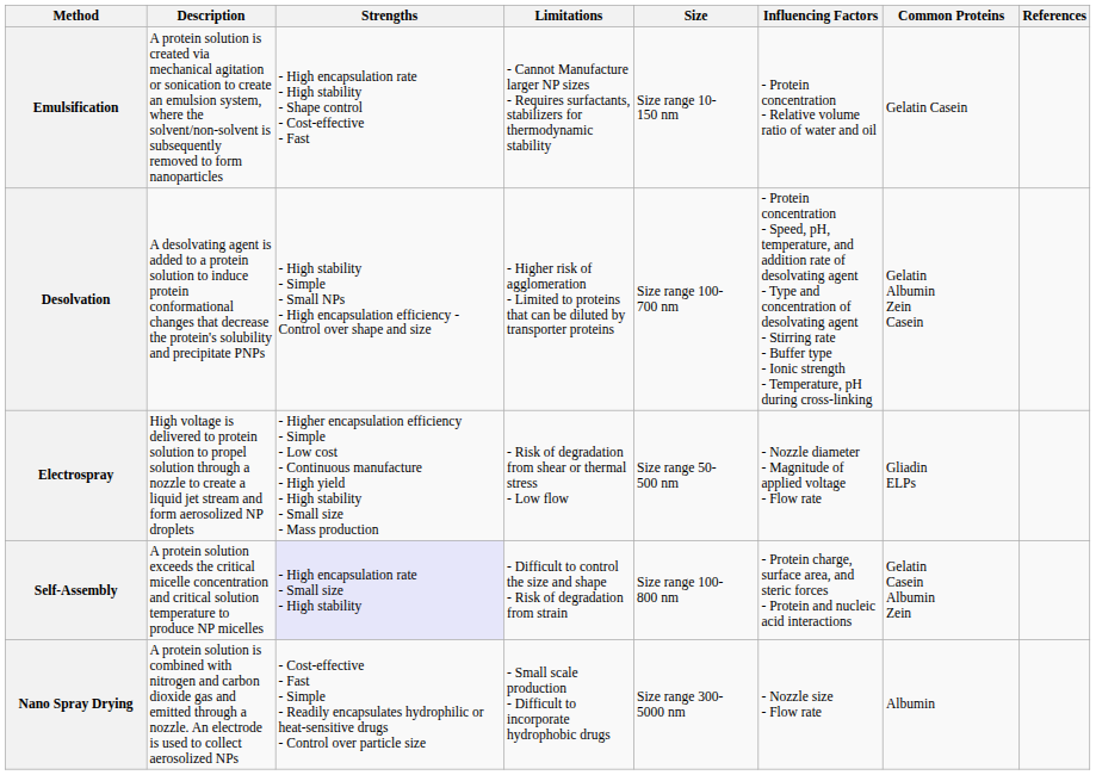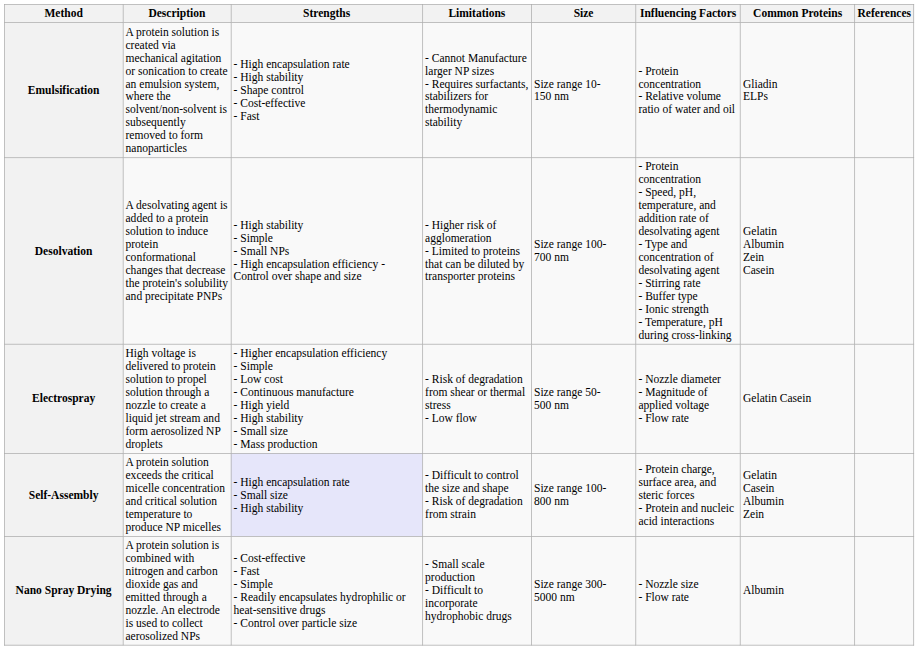 <table class="wikitable" style="margin: 1em auto 1em auto;">
 <tr>
 <th width="205" scope="col">Method</th>
 <th width="180" scope="col">Description</th>
 <th width="400" scope="col">Strengths</th>
 <th width="180" scope="col">Limitations</th>
 <th width="205" scope="col">Size</th>
 <th width="180" scope="col">Influencing Factors</th>
 <th width="225" scope="col">Common Proteins</th>
 <th width="50" scope="col">References</th>
 </tr>
 <tr>
 <th scope="row">Emulsification</th>
 <td>A protein solution is created via mechanical agitation or sonication to create an emulsion system, where the solvent/non-solvent is subsequently removed to form nanoparticles</td>
 <td>- High encapsulation rate<br>- High stability<br>- Shape control<br>- Cost-effective<br>- Fast</td>
 <td>- Cannot Manufacture larger NP sizes<br>- Requires surfactants, stabilizers for thermodynamic stability</td>
 <td>Size range 10-150 nm</td>
 <td>- Protein concentration<br>- Relative volume ratio of water and oil</td>
-<td>Gelatin Casein</td>
+<td>Gliadin<br>ELPs</td>
 <td></td>
 </tr>
 <tr>
 <th scope="row">Desolvation</th>
 <td>A desolvating agent is added to a protein solution to induce protein conformational changes that decrease the protein's solubility and precipitate PNPs</td>
 <td>- High stability<br>- Simple<br>- Small NPs<br>- High encapsulation efficiency - Control over shape and size</td>
 <td>- Higher risk of agglomeration<br>- Limited to proteins that can be diluted by transporter proteins</td>
 <td>Size range 100-700 nm</td>
 <td>- Protein concentration<br>- Speed, pH, temperature, and addition rate of desolvating agent<br>- Type and concentration of desolvating agent<br>- Stirring rate<br>- Buffer type<br>- Ionic strength<br>- Temperature, pH during cross-linking</td>
 <td>Gelatin<br>Albumin<br>Zein<br>Casein</td>
 <td></td>
 </tr>
 <tr>
 <th scope="row">Electrospray</th>
 <td>High voltage is delivered to protein solution to propel solution through a nozzle to create a liquid jet stream and form aerosolized NP droplets</td>
 <td>- Higher encapsulation efficiency<br>- Simple<br>- Low cost<br>- Continuous manufacture<br>- High yield<br>- High stability<br>- Small size<br>- Mass production</td>
 <td>- Risk of degradation from shear or thermal stress<br>- Low flow</td>
 <td>Size range 50-500 nm</td>
 <td>- Nozzle diameter<br>- Magnitude of applied voltage<br>- Flow rate</td>
-<td>Gliadin<br>ELPs</td>
+<td>Gelatin Casein</td>
 <td></td>
 </tr>
 <tr>
 <th scope="row">Self-Assembly</th>
 <td>A protein solution exceeds the critical micelle concentration and critical solution temperature to produce NP micelles</td>
 <td style="background: lavender;">- High encapsulation rate<br>- Small size<br>- High stability</td>
 <td>- Difficult to control the size and shape<br>- Risk of degradation from strain</td>
 <td>Size range 100-800 nm</td>
 <td>- Protein charge, surface area, and steric forces<br>- Protein and nucleic acid interactions</td>
 <td>Gelatin<br>Casein<br>Albumin<br>Zein</td>
 <td></td>
 </tr>
 <tr>
 <th scope="row">Nano Spray Drying</th>
 <td>A protein solution is combined with nitrogen and carbon dioxide gas and emitted through a nozzle. An electrode is used to collect aerosolized NPs</td>
 <td>- Cost-effective<br>- Fast<br>- Simple<br>- Readily encapsulates hydrophilic or heat-sensitive drugs<br>- Control over particle size</td>
 <td>- Small scale production<br>- Difficult to incorporate hydrophobic drugs</td>
 <td>Size range 300-5000 nm</td>
 <td>- Nozzle size<br>- Flow rate</td>
 <td>Albumin</td>
 <td></td>
 </tr>
 </table>
